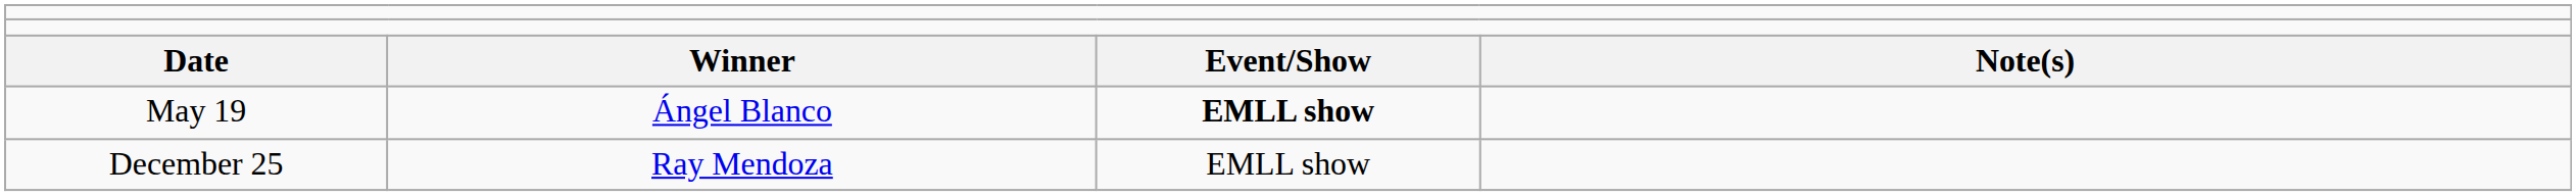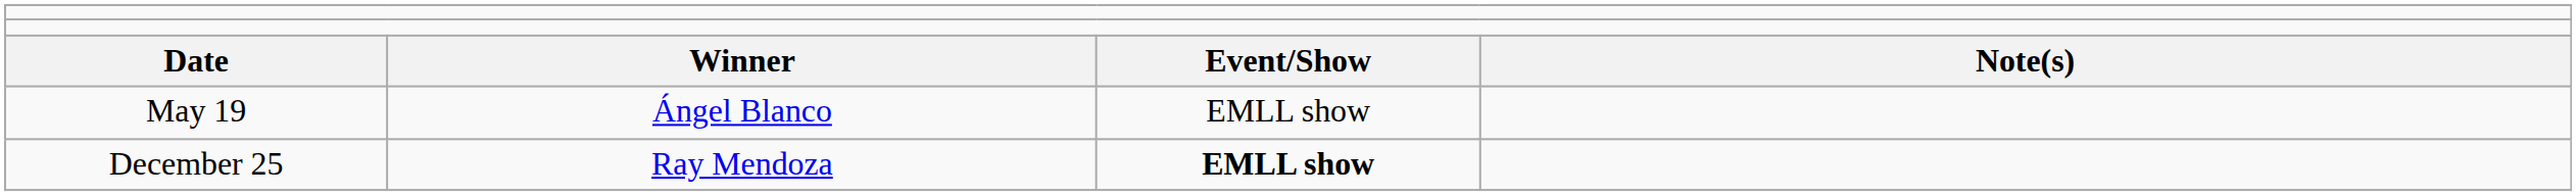 <table class="wikitable" style="text-align:center; width:100%;">
 <tr>
 <td colspan=5></td>
 </tr>
 <tr>
 <td colspan=5><strong></strong></td>
 </tr>
 <tr>
 <th width=14%>Date</th>
 <th width=26%>Winner</th>
 <th width=14%>Event/Show</th>
 <th width=40%>Note(s)</th>
 </tr>
 <tr>
 <td>May 19</td>
 <td><a href='#'>Ángel Blanco</a></td>
-<td><strong>EMLL show</strong></td>
+<td>EMLL show</td>
 <td align=left></td>
 </tr>
 <tr>
 <td>December 25</td>
 <td><a href='#'>Ray Mendoza</a></td>
-<td>EMLL show</td>
+<td><strong>EMLL show</strong></td>
 <td align=left></td>
 </tr>
 </table>
